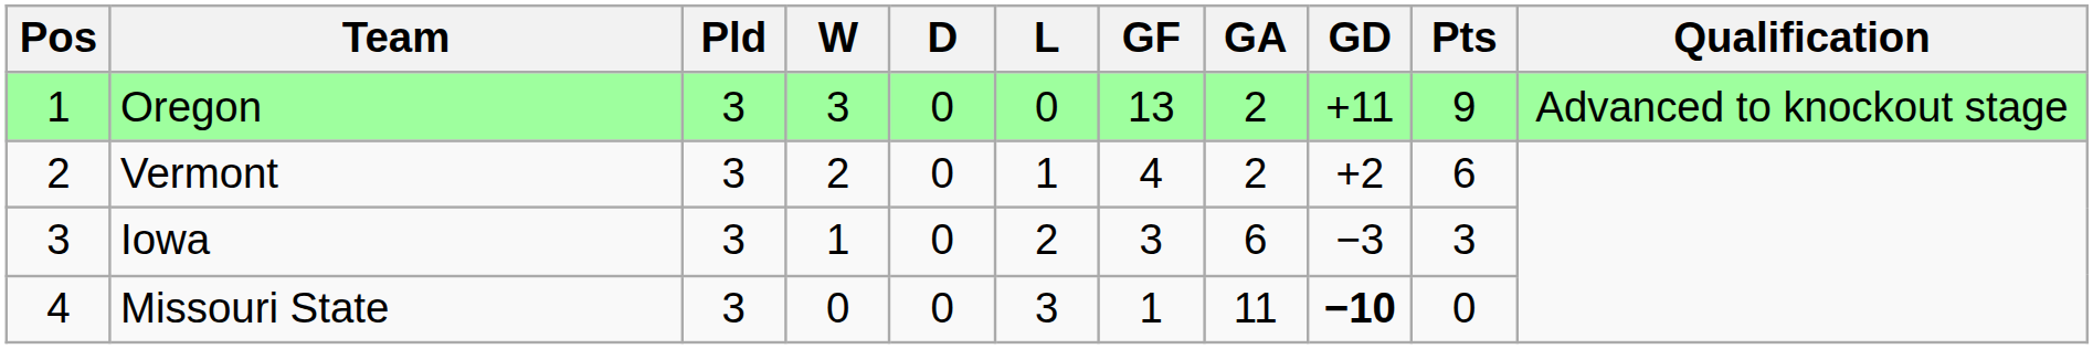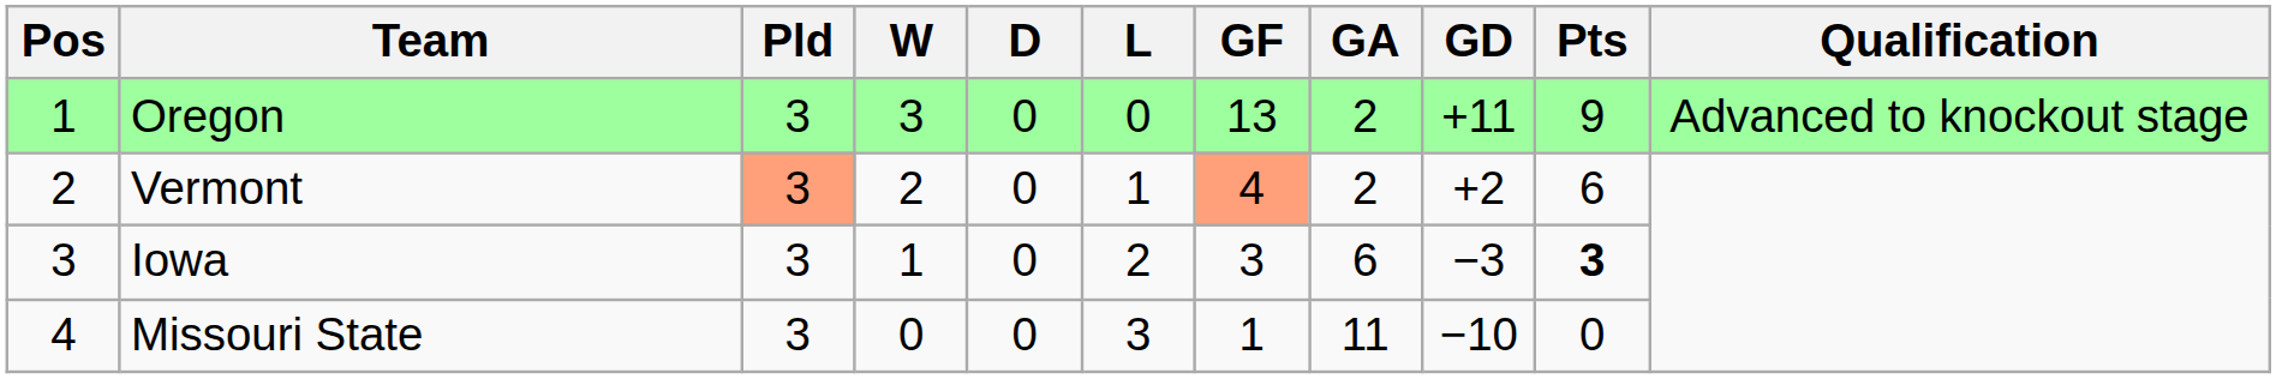 <table class="wikitable" style="text-align:center; margin: 1em auto">
 <tr>
 <th style=width:2em>Pos</th>
 <th style=width:13em>Team</th>
 <th style=width:2em>Pld</th>
 <th style=width:2em>W</th>
 <th style=width:2em>D</th>
 <th style=width:2em>L</th>
 <th style=width:2em>GF</th>
 <th style=width:2em>GA</th>
 <th style=width:2em>GD</th>
 <th style=width:2em>Pts</th>
 <th style=width:13em>Qualification</th>
 </tr>
 <tr bgcolor="#9eff9e">
 <td>1</td>
 <td style="text-align:left">Oregon</td>
 <td>3</td>
 <td>3</td>
 <td>0</td>
 <td>0</td>
 <td>13</td>
 <td>2</td>
 <td>+11</td>
 <td>9</td>
 <td>Advanced to knockout stage</td>
 </tr>
 <tr>
 <td>2</td>
 <td style="text-align:left">Vermont</td>
-<td>3</td>
+<td style="background: lightsalmon;">3</td>
 <td>2</td>
 <td>0</td>
 <td>1</td>
-<td>4</td>
+<td style="background: lightsalmon;">4</td>
 <td>2</td>
 <td>+2</td>
 <td>6</td>
 </tr>
 <tr>
 <td>3</td>
 <td style="text-align:left">Iowa</td>
 <td>3</td>
 <td>1</td>
 <td>0</td>
 <td>2</td>
 <td>3</td>
 <td>6</td>
 <td>−3</td>
-<td>3</td>
+<td><strong>3</strong></td>
 </tr>
 <tr>
 <td>4</td>
 <td style="text-align:left">Missouri State</td>
 <td>3</td>
 <td>0</td>
 <td>0</td>
 <td>3</td>
 <td>1</td>
 <td>11</td>
-<td><strong>−10</strong></td>
+<td>−10</td>
 <td>0</td>
 </tr>
 </table>
